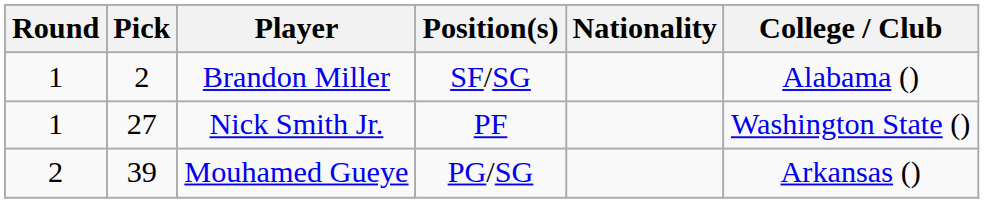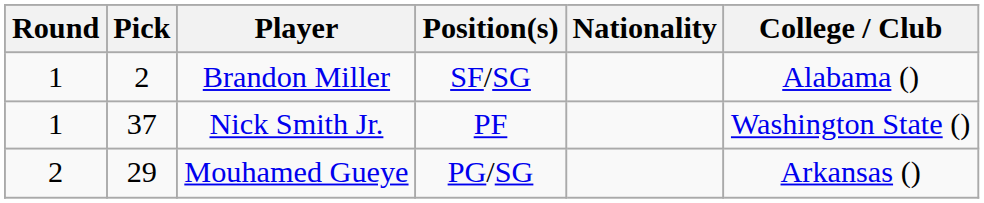 <table class="wikitable sortable sortable">
 <tr>
 <th>Round</th>
 <th>Pick</th>
 <th>Player</th>
 <th>Position(s)</th>
 <th>Nationality</th>
 <th>College / Club</th>
 </tr>
 <tr style="text-align:center">
 <td>1</td>
 <td>2</td>
 <td><a href='#'>Brandon Miller</a></td>
 <td><a href='#'>SF</a>/<a href='#'>SG</a></td>
 <td></td>
 <td><a href='#'>Alabama</a> ()</td>
 </tr>
 <tr style="text-align:center">
 <td>1</td>
-<td>27</td>
+<td>37</td>
 <td><a href='#'>Nick Smith Jr.</a></td>
 <td><a href='#'>PF</a></td>
 <td></td>
 <td><a href='#'>Washington State</a> ()</td>
 </tr>
 <tr style="text-align:center">
 <td>2</td>
-<td>39</td>
+<td>29</td>
 <td><a href='#'>Mouhamed Gueye</a></td>
 <td><a href='#'>PG</a>/<a href='#'>SG</a></td>
 <td></td>
 <td><a href='#'>Arkansas</a> ()</td>
 </tr>
 </table>
